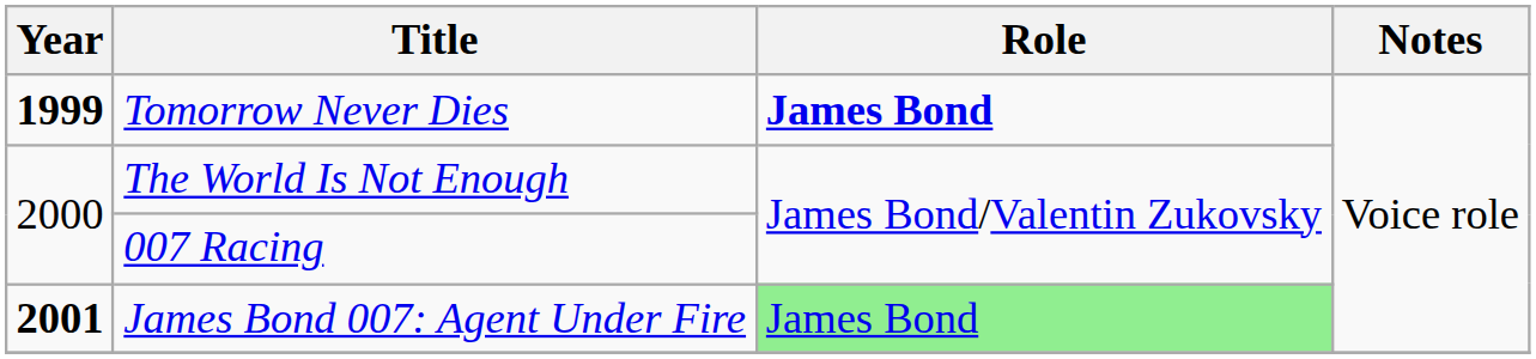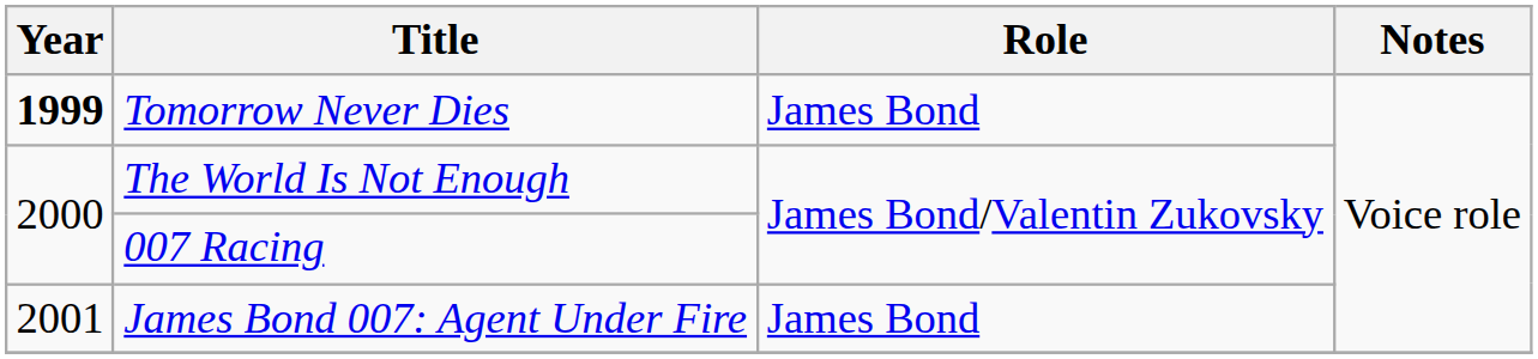 <table class="wikitable">
 <tr>
 <th>Year</th>
 <th>Title</th>
 <th>Role</th>
 <th>Notes</th>
 </tr>
 <tr>
 <td><strong>1999</strong></td>
 <td><em><a href='#'>Tomorrow Never Dies</a></em></td>
-<td><strong><a href='#'>James Bond</a></strong></td>
+<td><a href='#'>James Bond</a></td>
 <td rowspan="4">Voice role</td>
 </tr>
 <tr>
 <td rowspan="2">2000</td>
 <td><em><a href='#'>The World Is Not Enough</a></em></td>
 <td rowspan="2"><a href='#'>James Bond</a>/<a href='#'>Valentin Zukovsky</a></td>
 </tr>
 <tr>
 <td><em><a href='#'>007 Racing</a></em></td>
 </tr>
 <tr>
-<td><strong>2001</strong></td>
+<td>2001</td>
 <td><em><a href='#'>James Bond 007: Agent Under Fire</a></em></td>
-<td style="background: lightgreen;"><a href='#'>James Bond</a></td>
+<td><a href='#'>James Bond</a></td>
 </tr>
 <tr>
 </tr>
 </table>
